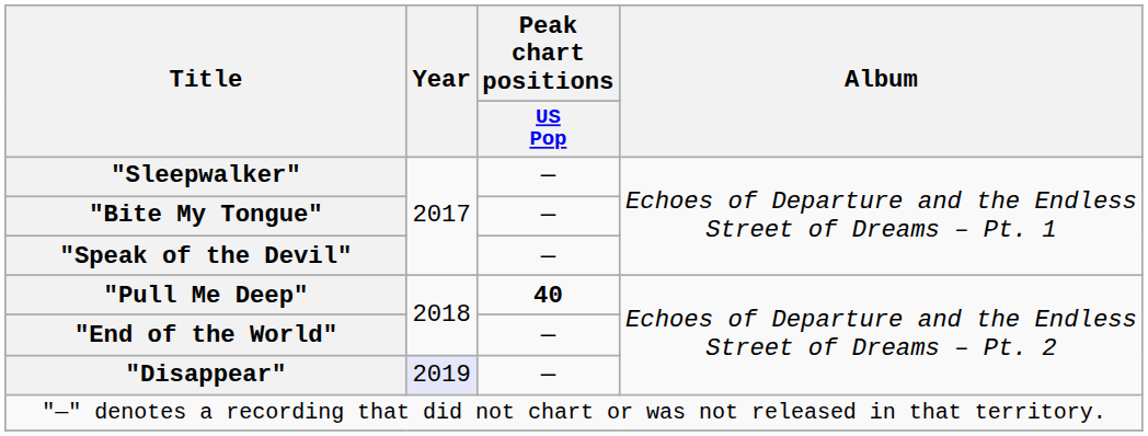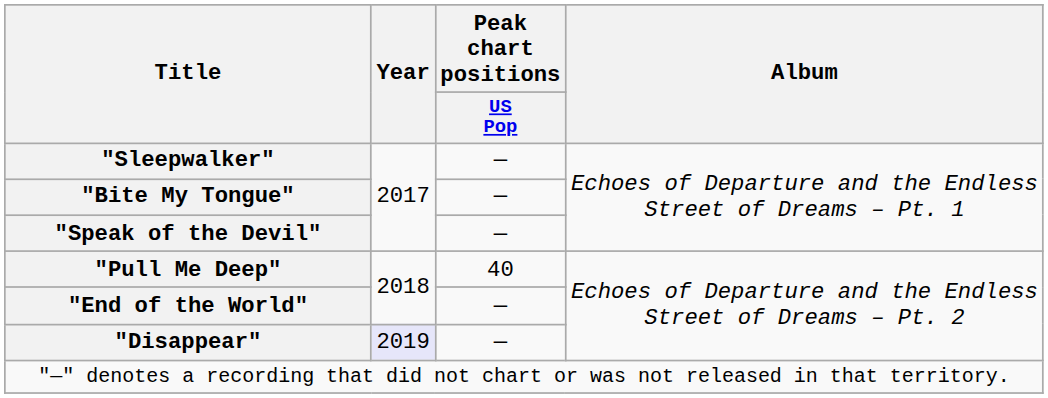 <table class="wikitable plainrowheaders" style="text-align:center;">
 <tr>
 <th scope="col" rowspan="2" style="width:16em;">Title</th>
 <th scope="col" rowspan="2">Year</th>
 <th scope="col" colspan="1">Peak chart positions</th>
 <th scope="col" rowspan="2">Album</th>
 </tr>
 <tr>
 <th scope="col" style="width:2.5em;font-size:85%;"><a href='#'>US<br>Pop</a><br></th>
 </tr>
 <tr>
 <th scope="row">"Sleepwalker"</th>
 <td rowspan="3">2017</td>
 <td>—</td>
 <td rowspan="3"><em>Echoes of Departure and the Endless<br>Street of Dreams – Pt. 1</em></td>
 </tr>
 <tr>
 <th scope="row">"Bite My Tongue"</th>
 <td>—</td>
 </tr>
 <tr>
 <th scope="row">"Speak of the Devil"</th>
 <td>—</td>
 </tr>
 <tr>
 <th scope="row">"Pull Me Deep"</th>
 <td rowspan="2">2018</td>
-<td><strong>40</strong></td>
+<td>40</td>
 <td rowspan="3"><em>Echoes of Departure and the Endless<br>Street of Dreams – Pt. 2</em></td>
 </tr>
 <tr>
 <th scope="row">"End of the World"</th>
 <td>—</td>
 </tr>
 <tr>
 <th scope="row">"Disappear"</th>
 <td style="background: lavender;">2019</td>
 <td>—</td>
 </tr>
 <tr>
 <td colspan="4" style="font-size:90%">"—" denotes a recording that did not chart or was not released in that territory.</td>
 </tr>
 </table>
